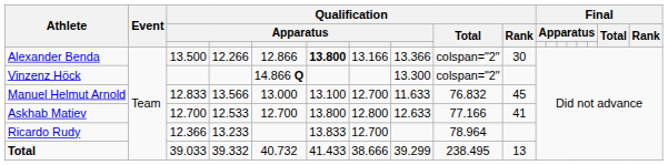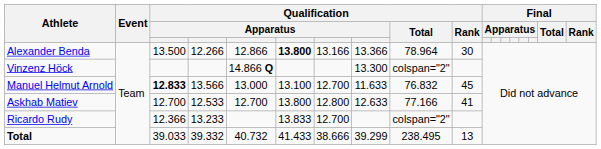 <table class="wikitable" style="font-size:90%">
 <tr>
 <th rowspan=3>Athlete</th>
 <th rowspan=3>Event</th>
 <th colspan =8>Qualification</th>
 <th colspan =8>Final</th>
 </tr>
 <tr style="font-size:95%">
 <th colspan=6>Apparatus</th>
 <th rowspan=2>Total</th>
 <th rowspan=2>Rank</th>
 <th colspan=6>Apparatus</th>
 <th rowspan=2>Total</th>
 <th rowspan=2>Rank</th>
 </tr>
 <tr style="font-size:95%">
 <th></th>
 <th></th>
 <th></th>
 <th></th>
 <th></th>
 <th></th>
 <th></th>
 <th></th>
 <th></th>
 <th></th>
 <th></th>
 <th></th>
 </tr>
 <tr align=center>
 <td align=left><a href='#'>Alexander Benda</a></td>
 <td align=left rowspan=6>Team</td>
 <td>13.500</td>
 <td>12.266</td>
 <td>12.866</td>
 <td><strong>13.800</strong></td>
 <td>13.166</td>
 <td>13.366</td>
-<td>colspan="2"</td>
+<td>78.964</td>
 <td>30</td>
 <td rowspan=6 colspan=8>Did not advance</td>
 </tr>
 <tr align=center>
 <td align=left><a href='#'>Vinzenz Höck</a></td>
 <td></td>
 <td></td>
 <td>14.866 <strong>Q</strong></td>
 <td></td>
 <td></td>
 <td>13.300</td>
 <td>colspan="2"</td>
 </tr>
 <tr align=center>
 <td align=left><a href='#'>Manuel Helmut Arnold</a></td>
-<td>12.833</td>
+<td><strong>12.833</strong></td>
 <td>13.566</td>
 <td>13.000</td>
 <td>13.100</td>
 <td>12.700</td>
 <td>11.633</td>
 <td>76.832</td>
 <td>45</td>
 </tr>
 <tr align=center>
 <td align=left><a href='#'>Askhab Matiev</a></td>
 <td>12.700</td>
 <td>12.533</td>
 <td>12.700</td>
 <td>13.800</td>
 <td>12.800</td>
 <td>12.633</td>
 <td>77.166</td>
 <td>41</td>
 </tr>
 <tr align=center>
 <td align=left><a href='#'>Ricardo Rudy</a></td>
 <td>12.366</td>
 <td>13.233</td>
 <td></td>
 <td>13.833</td>
 <td>12.700</td>
 <td></td>
-<td>78.964</td>
+<td>colspan="2"</td>
 </tr>
 <tr align=center>
 <td align=left><strong>Total</strong></td>
 <td>39.033</td>
 <td>39.332</td>
 <td>40.732</td>
 <td>41.433</td>
 <td>38.666</td>
 <td>39.299</td>
 <td>238.495</td>
 <td>13</td>
 </tr>
 </table>
